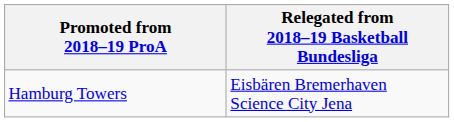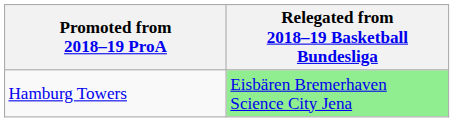 <table class="wikitable">
 <tr>
 <th width=200>Promoted from<br><a href='#'>2018–19 ProA</a></th>
 <th width=200>Relegated from<br><a href='#'>2018–19 Basketball Bundesliga</a></th>
 </tr>
 <tr>
 <td><a href='#'>Hamburg Towers</a></td>
-<td><a href='#'>Eisbären Bremerhaven</a><br><a href='#'>Science City Jena</a></td>
+<td style="background: lightgreen;"><a href='#'>Eisbären Bremerhaven</a><br><a href='#'>Science City Jena</a></td>
 </tr>
 </table>
